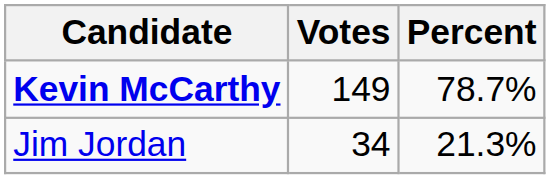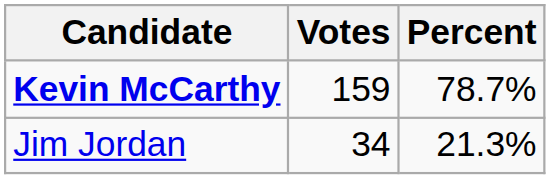 <table class=wikitable>
 <tr>
 <th style="background:">Candidate</th>
 <th style="background:">Votes</th>
 <th style="background:">Percent</th>
 </tr>
 <tr>
 <td><strong><a href='#'>Kevin McCarthy</a></strong> </td>
-<td style="text-align:right">149</td>
+<td style="text-align:right">159</td>
 <td style="text-align:right">78.7%</td>
 </tr>
 <tr>
 <td><a href='#'>Jim Jordan</a></td>
 <td style="text-align:right">34</td>
 <td style="text-align:right">21.3%</td>
 </tr>
 </table>
